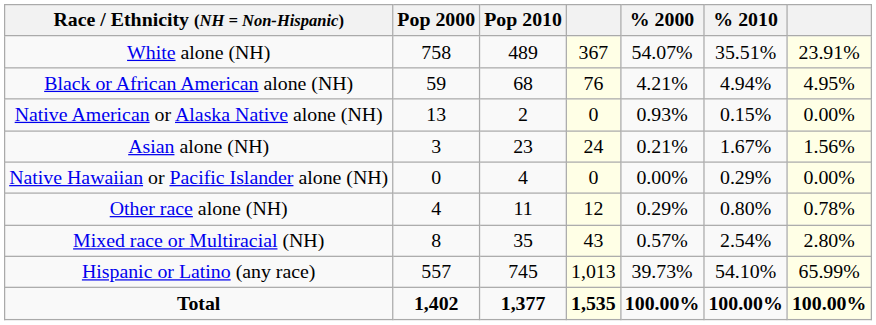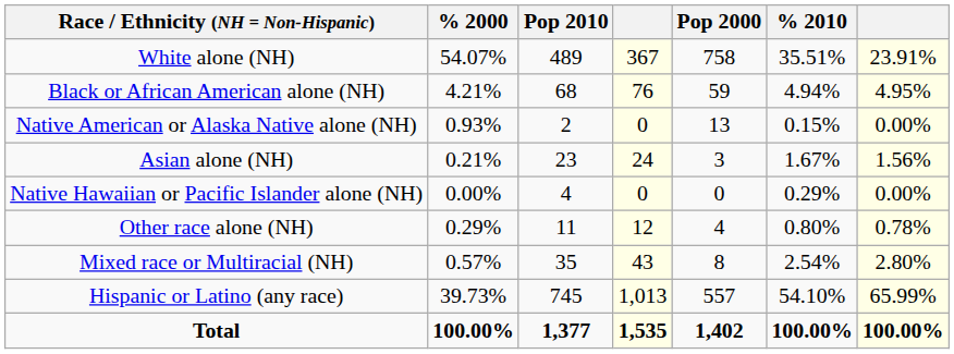 <table class="wikitable" style="text-align:center;">
 <tr>
 <th>Race / Ethnicity <small>(<em>NH = Non-Hispanic</em>)</small></th>
-<th>Pop 2000</th>
+<th>% 2000</th>
 <th>Pop 2010</th>
 <th></th>
-<th>% 2000</th>
+<th>Pop 2000</th>
 <th>% 2010</th>
 <th></th>
 </tr>
 <tr>
 <td><a href='#'>White</a> alone (NH)</td>
-<td>758</td>
+<td>54.07%</td>
 <td>489</td>
 <td style='background: #ffffe6;'>367</td>
-<td>54.07%</td>
+<td>758</td>
 <td>35.51%</td>
 <td style='background: #ffffe6;'>23.91%</td>
 </tr>
 <tr>
 <td><a href='#'>Black or African American</a> alone (NH)</td>
-<td>59</td>
+<td>4.21%</td>
 <td>68</td>
 <td style='background: #ffffe6;'>76</td>
-<td>4.21%</td>
+<td>59</td>
 <td>4.94%</td>
 <td style='background: #ffffe6;'>4.95%</td>
 </tr>
 <tr>
 <td><a href='#'>Native American</a> or <a href='#'>Alaska Native</a> alone (NH)</td>
-<td>13</td>
+<td>0.93%</td>
 <td>2</td>
 <td style='background: #ffffe6;'>0</td>
-<td>0.93%</td>
+<td>13</td>
 <td>0.15%</td>
 <td style='background: #ffffe6;'>0.00%</td>
 </tr>
 <tr>
 <td><a href='#'>Asian</a> alone (NH)</td>
-<td>3</td>
+<td>0.21%</td>
 <td>23</td>
 <td style='background: #ffffe6;'>24</td>
-<td>0.21%</td>
+<td>3</td>
 <td>1.67%</td>
 <td style='background: #ffffe6;'>1.56%</td>
 </tr>
 <tr>
 <td><a href='#'>Native Hawaiian</a> or <a href='#'>Pacific Islander</a> alone (NH)</td>
-<td>0</td>
+<td>0.00%</td>
 <td>4</td>
 <td style='background: #ffffe6;'>0</td>
-<td>0.00%</td>
+<td>0</td>
 <td>0.29%</td>
 <td style='background: #ffffe6;'>0.00%</td>
 </tr>
 <tr>
 <td><a href='#'>Other race</a> alone (NH)</td>
-<td>4</td>
+<td>0.29%</td>
 <td>11</td>
 <td style='background: #ffffe6;'>12</td>
-<td>0.29%</td>
+<td>4</td>
 <td>0.80%</td>
 <td style='background: #ffffe6;'>0.78%</td>
 </tr>
 <tr>
 <td><a href='#'>Mixed race or Multiracial</a> (NH)</td>
-<td>8</td>
+<td>0.57%</td>
 <td>35</td>
 <td style='background: #ffffe6;'>43</td>
-<td>0.57%</td>
+<td>8</td>
 <td>2.54%</td>
 <td style='background: #ffffe6;'>2.80%</td>
 </tr>
 <tr>
 <td><a href='#'>Hispanic or Latino</a> (any race)</td>
-<td>557</td>
+<td>39.73%</td>
 <td>745</td>
 <td style='background: #ffffe6;'>1,013</td>
-<td>39.73%</td>
+<td>557</td>
 <td>54.10%</td>
 <td style='background: #ffffe6;'>65.99%</td>
 </tr>
 <tr>
 <td><strong>Total</strong></td>
-<td><strong>1,402</strong></td>
+<td><strong>100.00%</strong></td>
 <td><strong>1,377</strong></td>
 <td style='background: #ffffe6;'><strong>1,535</strong></td>
-<td><strong>100.00%</strong></td>
+<td><strong>1,402</strong></td>
 <td><strong>100.00%</strong></td>
 <td style='background: #ffffe6;'><strong>100.00%</strong></td>
 </tr>
 </table>
